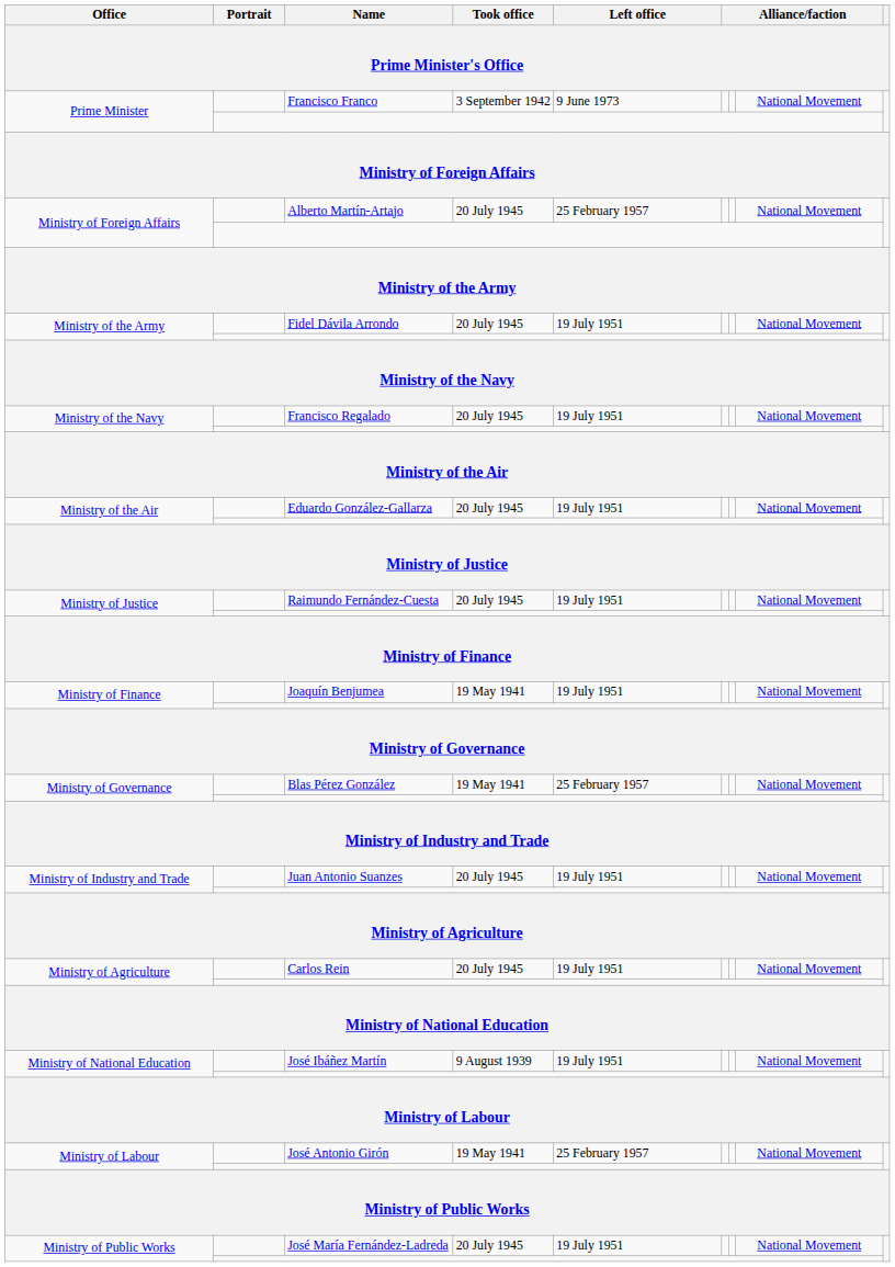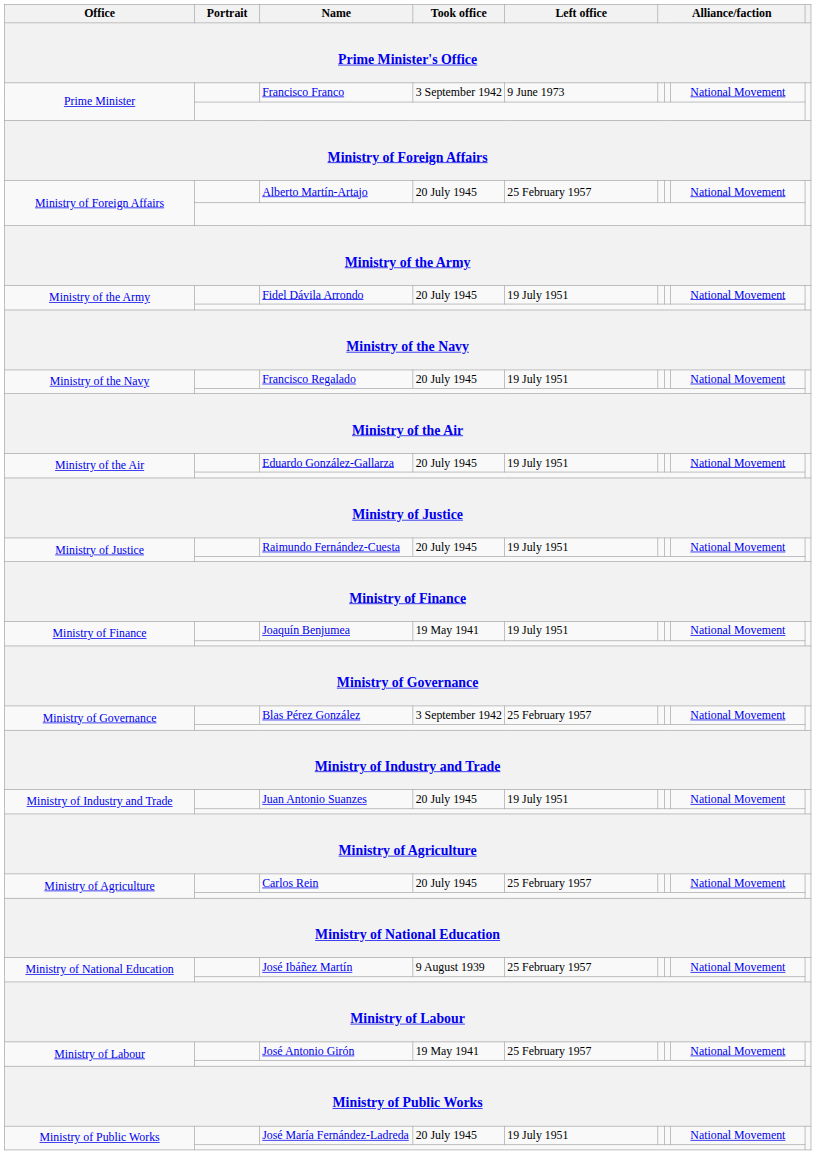 <table class="wikitable" style="line-height:18px;">
 <tr>
 <th scope="col">Office<br></th>
 <th scope="col">Portrait</th>
 <th scope="col">Name</th>
 <th scope="col">Took office</th>
 <th scope="col">Left office</th>
 <th colspan="3" scope="col">Alliance/faction</th>
 <th></th>
 </tr>
 <tr>
 <th colspan="9"><br><h3><a href='#'>Prime Minister's Office</a></h3></th>
 </tr>
 <tr>
 <td align="center" rowspan="2" width="250"><a href='#'>Prime Minister</a><br></td>
 <td width="80"></td>
 <td width="200"><a href='#'>Francisco Franco</a></td>
 <td>3 September 1942</td>
 <td width="200">9 June 1973</td>
 <td width="1" style="background-color:"></td>
 <td width="1" style="background-color:"></td>
 <td width="175" align="center"><a href='#'>National Movement</a><br></td>
 <td align="center" rowspan="2"></td>
 </tr>
 <tr>
 <td colspan="7"><br></td>
 </tr>
 <tr>
 <th colspan="9"><br><h3><a href='#'>Ministry of Foreign Affairs</a></h3></th>
 </tr>
 <tr>
 <td align="center" rowspan="2"><a href='#'>Ministry of Foreign Affairs</a><br></td>
 <td></td>
 <td><a href='#'>Alberto Martín-Artajo</a></td>
 <td>20 July 1945</td>
 <td>25 February 1957</td>
 <td style="background-color:"></td>
 <td style="background-color:"></td>
 <td align="center"><a href='#'>National Movement</a><br></td>
 <td align="center" rowspan="2"><br><br><br></td>
 </tr>
 <tr>
 <td colspan="7"><br> </td>
 </tr>
 <tr>
 <th colspan="9"><br><h3><a href='#'>Ministry of the Army</a></h3></th>
 </tr>
 <tr>
 <td align="center" rowspan="2"><a href='#'>Ministry of the Army</a><br></td>
 <td></td>
 <td><a href='#'>Fidel Dávila Arrondo</a></td>
 <td>20 July 1945</td>
 <td>19 July 1951</td>
 <td style="background-color:"></td>
 <td style="background-color:"></td>
 <td align="center"><a href='#'>National Movement</a><br></td>
 <td align="center" rowspan="2"></td>
 </tr>
 <tr>
 <td colspan="7"></td>
 </tr>
 <tr>
 <th colspan="9"><br><h3><a href='#'>Ministry of the Navy</a></h3></th>
 </tr>
 <tr>
 <td align="center" rowspan="2"><a href='#'>Ministry of the Navy</a><br></td>
 <td></td>
 <td><a href='#'>Francisco Regalado</a></td>
 <td>20 July 1945</td>
 <td>19 July 1951</td>
 <td style="background-color:"></td>
 <td style="background-color:"></td>
 <td align="center"><a href='#'>National Movement</a><br></td>
 <td align="center" rowspan="2"></td>
 </tr>
 <tr>
 <td colspan="7"></td>
 </tr>
 <tr>
 <th colspan="9"><br><h3><a href='#'>Ministry of the Air</a></h3></th>
 </tr>
 <tr>
 <td align="center" rowspan="2"><a href='#'>Ministry of the Air</a><br></td>
 <td></td>
 <td><a href='#'>Eduardo González-Gallarza</a></td>
 <td>20 July 1945</td>
 <td>19 July 1951</td>
 <td style="background-color:"></td>
 <td style="background-color:"></td>
 <td align="center"><a href='#'>National Movement</a><br></td>
 <td align="center" rowspan="2"></td>
 </tr>
 <tr>
 <td colspan="7"></td>
 </tr>
 <tr>
 <th colspan="9"><br><h3><a href='#'>Ministry of Justice</a></h3></th>
 </tr>
 <tr>
 <td align="center" rowspan="2"><a href='#'>Ministry of Justice</a><br></td>
 <td></td>
 <td><a href='#'>Raimundo Fernández-Cuesta</a></td>
 <td>20 July 1945</td>
 <td>19 July 1951</td>
 <td style="background-color:"></td>
 <td style="background-color:"></td>
 <td align="center"><a href='#'>National Movement</a><br></td>
 <td align="center" rowspan="2"></td>
 </tr>
 <tr>
 <td colspan="7"></td>
 </tr>
 <tr>
 <th colspan="9"><br><h3><a href='#'>Ministry of Finance</a></h3></th>
 </tr>
 <tr>
 <td align="center" rowspan="2"><a href='#'>Ministry of Finance</a><br></td>
 <td></td>
 <td><a href='#'>Joaquín Benjumea</a></td>
 <td>19 May 1941</td>
 <td>19 July 1951</td>
 <td style="background-color:"></td>
 <td style="background-color:"></td>
 <td align="center"><a href='#'>National Movement</a><br></td>
 <td align="center" rowspan="2"></td>
 </tr>
 <tr>
 <td colspan="7"></td>
 </tr>
 <tr>
 <th colspan="9"><br><h3><a href='#'>Ministry of Governance</a></h3></th>
 </tr>
 <tr>
 <td align="center" rowspan="2"><a href='#'>Ministry of Governance</a><br></td>
 <td></td>
 <td><a href='#'>Blas Pérez González</a></td>
-<td>19 May 1941</td>
+<td>3 September 1942</td>
 <td>25 February 1957</td>
 <td style="background-color:"></td>
 <td style="background-color:"></td>
 <td align="center"><a href='#'>National Movement</a><br></td>
 <td align="center" rowspan="2"></td>
 </tr>
 <tr>
 <td colspan="7"></td>
 </tr>
 <tr>
 <th colspan="9"><br><h3><a href='#'>Ministry of Industry and Trade</a></h3></th>
 </tr>
 <tr>
 <td align="center" rowspan="2"><a href='#'>Ministry of Industry and Trade</a><br></td>
 <td></td>
 <td><a href='#'>Juan Antonio Suanzes</a></td>
 <td>20 July 1945</td>
 <td>19 July 1951</td>
 <td style="background-color:"></td>
 <td style="background-color:"></td>
 <td align="center"><a href='#'>National Movement</a><br></td>
 <td align="center" rowspan="2"></td>
 </tr>
 <tr>
 <td colspan="7"></td>
 </tr>
 <tr>
 <th colspan="9"><br><h3><a href='#'>Ministry of Agriculture</a></h3></th>
 </tr>
 <tr>
 <td align="center" rowspan="2"><a href='#'>Ministry of Agriculture</a><br></td>
 <td></td>
 <td><a href='#'>Carlos Rein</a></td>
 <td>20 July 1945</td>
-<td>19 July 1951</td>
+<td>25 February 1957</td>
 <td style="background-color:"></td>
 <td style="background-color:"></td>
 <td align="center"><a href='#'>National Movement</a><br></td>
 <td align="center" rowspan="2"></td>
 </tr>
 <tr>
 <td colspan="7"></td>
 </tr>
 <tr>
 <th colspan="9"><br><h3><a href='#'>Ministry of National Education</a></h3></th>
 </tr>
 <tr>
 <td align="center" rowspan="2"><a href='#'>Ministry of National Education</a><br></td>
 <td></td>
 <td><a href='#'>José Ibáñez Martín</a></td>
 <td>9 August 1939</td>
-<td>19 July 1951</td>
+<td>25 February 1957</td>
 <td style="background-color:"></td>
 <td style="background-color:"></td>
 <td align="center"><a href='#'>National Movement</a><br></td>
 <td align="center" rowspan="2"></td>
 </tr>
 <tr>
 <td colspan="7"></td>
 </tr>
 <tr>
 <th colspan="9"><br><h3><a href='#'>Ministry of Labour</a></h3></th>
 </tr>
 <tr>
 <td align="center" rowspan="2"><a href='#'>Ministry of Labour</a><br></td>
 <td></td>
 <td><a href='#'>José Antonio Girón</a></td>
 <td>19 May 1941</td>
 <td>25 February 1957</td>
 <td style="background-color:"></td>
 <td style="background-color:"></td>
 <td align="center"><a href='#'>National Movement</a><br></td>
 <td align="center" rowspan="2"></td>
 </tr>
 <tr>
 <td colspan="7"></td>
 </tr>
 <tr>
 <th colspan="9"><br><h3><a href='#'>Ministry of Public Works</a></h3></th>
 </tr>
 <tr>
 <td align="center" rowspan="2"><a href='#'>Ministry of Public Works</a><br></td>
 <td></td>
 <td><a href='#'>José María Fernández-Ladreda</a></td>
 <td>20 July 1945</td>
 <td>19 July 1951</td>
 <td style="background-color:"></td>
 <td style="background-color:"></td>
 <td align="center"><a href='#'>National Movement</a><br></td>
 <td align="center" rowspan="2"></td>
 </tr>
 <tr>
 <td colspan="7"></td>
 </tr>
 </table>
